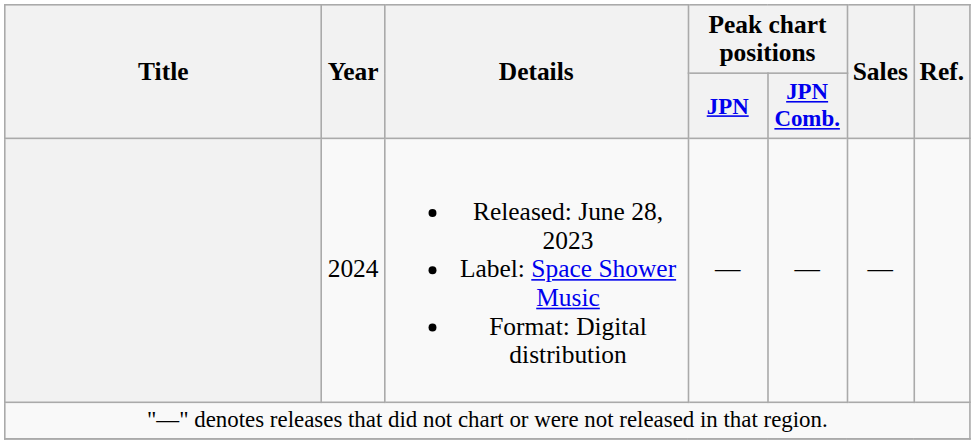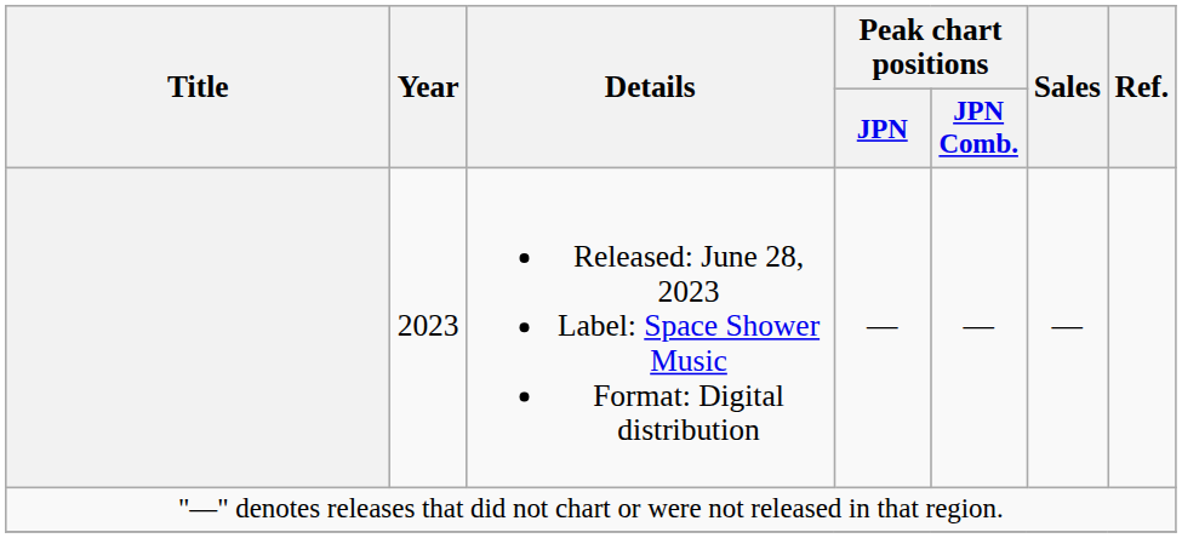 <table class="wikitable plainrowheaders" style="text-align:center;">
 <tr>
 <th scope="col" rowspan="2" style="width:12em;">Title</th>
 <th scope="col" rowspan="2">Year</th>
 <th scope="col" rowspan="2">Details</th>
 <th scope="col" colspan="2">Peak chart positions</th>
 <th scope="col" rowspan="2">Sales</th>
 <th scope="col" rowspan="2">Ref.</th>
 </tr>
 <tr>
 <th scope="col" style="width:3em;font-size:90%;"><a href='#'>JPN</a></th>
 <th scope="col" style="width:3em;font-size:90%;"><a href='#'>JPN<br>Comb.</a></th>
 </tr>
 <tr>
 <th scope="row"></th>
-<td>2024</td>
+<td>2023</td>
 <td><br><ul><li>Released: June 28, 2023</li><li>Label: <a href='#'>Space Shower Music</a></li><li>Format: Digital distribution</li></ul></td>
 <td>—</td>
 <td>—</td>
 <td>—</td>
 <td></td>
 </tr>
 <tr>
 <td colspan="7" style="font-size:90%;">"—" denotes releases that did not chart or were not released in that region.</td>
 </tr>
 <tr>
 </tr>
 </table>
